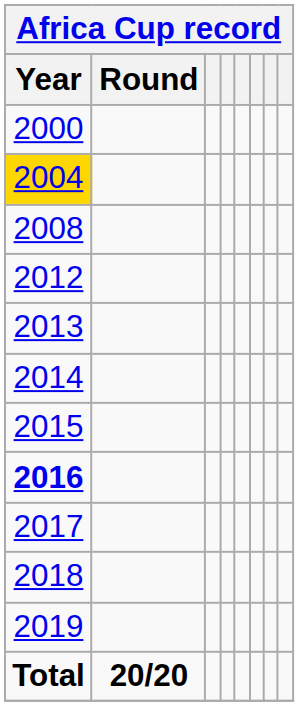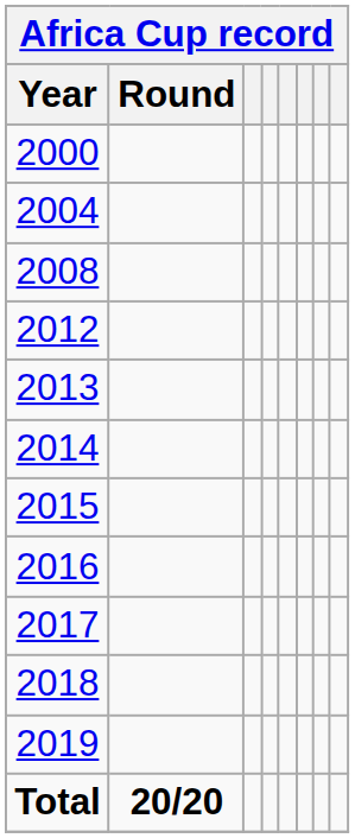 <table class="wikitable" style="text-align:center;">
 <tr>
 <th colspan=8><a href='#'>Africa Cup record</a></th>
 </tr>
 <tr>
 <th>Year</th>
 <th>Round</th>
 <th></th>
 <th></th>
 <th></th>
 <th></th>
 <th></th>
 <th></th>
 </tr>
 <tr>
 <td><a href='#'>2000</a></td>
 <td></td>
 <td></td>
 <td></td>
 <td></td>
 <td></td>
 <td></td>
 <td></td>
 </tr>
 <tr>
-<td style="background: gold;"><a href='#'>2004</a></td>
+<td><a href='#'>2004</a></td>
 <td></td>
 <td></td>
 <td></td>
 <td></td>
 <td></td>
 <td></td>
 <td></td>
 </tr>
 <tr>
 <td><a href='#'>2008</a></td>
 <td></td>
 <td></td>
 <td></td>
 <td></td>
 <td></td>
 <td></td>
 <td></td>
 </tr>
 <tr>
 <td><a href='#'>2012</a></td>
 <td></td>
 <td></td>
 <td></td>
 <td></td>
 <td></td>
 <td></td>
 <td></td>
 </tr>
 <tr>
 <td><a href='#'>2013</a></td>
 <td></td>
 <td></td>
 <td></td>
 <td></td>
 <td></td>
 <td></td>
 <td></td>
 </tr>
 <tr>
 <td><a href='#'>2014</a></td>
 <td></td>
 <td></td>
 <td></td>
 <td></td>
 <td></td>
 <td></td>
 <td></td>
 </tr>
 <tr>
 <td><a href='#'>2015</a></td>
 <td></td>
 <td></td>
 <td></td>
 <td></td>
 <td></td>
 <td></td>
 <td></td>
 </tr>
 <tr>
-<td><strong><a href='#'>2016</a></strong></td>
+<td><a href='#'>2016</a></td>
 <td></td>
 <td></td>
 <td></td>
 <td></td>
 <td></td>
 <td></td>
 <td></td>
 </tr>
 <tr>
 <td><a href='#'>2017</a></td>
 <td></td>
 <td></td>
 <td></td>
 <td></td>
 <td></td>
 <td></td>
 <td></td>
 </tr>
 <tr>
 <td><a href='#'>2018</a></td>
 <td></td>
 <td></td>
 <td></td>
 <td></td>
 <td></td>
 <td></td>
 <td></td>
 </tr>
 <tr>
 <td><a href='#'>2019</a></td>
 <td></td>
 <td></td>
 <td></td>
 <td></td>
 <td></td>
 <td></td>
 <td></td>
 </tr>
 <tr>
 <td><strong>Total</strong></td>
 <td><strong>20/20</strong></td>
 <td></td>
 <td></td>
 <td></td>
 <td></td>
 <td></td>
 <td></td>
 </tr>
 <tr>
 </tr>
 </table>
